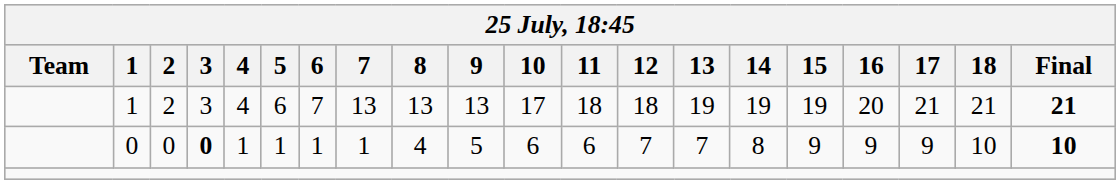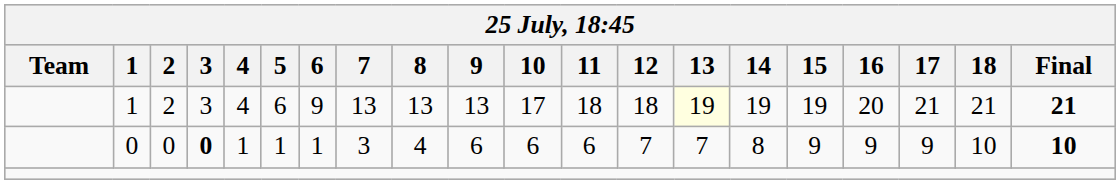 <table class=wikitable style="text-align:center; width: 55%">
 <tr>
 <th colspan=20><em>25 July, 18:45</em></th>
 </tr>
 <tr>
 <th>Team</th>
 <th>1</th>
 <th>2</th>
 <th>3</th>
 <th>4</th>
 <th>5</th>
 <th>6</th>
 <th>7</th>
 <th>8</th>
 <th>9</th>
 <th>10</th>
 <th>11</th>
 <th>12</th>
 <th>13</th>
 <th>14</th>
 <th>15</th>
 <th>16</th>
 <th>17</th>
 <th>18</th>
 <th>Final</th>
 </tr>
 <tr>
 <td align=left><strong></strong></td>
 <td>1</td>
 <td>2</td>
 <td>3</td>
 <td>4</td>
 <td>6</td>
-<td>7</td>
+<td>9</td>
 <td>13</td>
 <td>13</td>
 <td>13</td>
 <td>17</td>
 <td>18</td>
 <td>18</td>
-<td>19</td>
+<td style="background: lightyellow;">19</td>
 <td>19</td>
 <td>19</td>
 <td>20</td>
 <td>21</td>
 <td>21</td>
 <td><strong>21</strong></td>
 </tr>
 <tr>
 <td align=left></td>
 <td>0</td>
 <td>0</td>
 <td><strong>0</strong></td>
 <td>1</td>
 <td>1</td>
 <td>1</td>
-<td>1</td>
+<td>3</td>
 <td>4</td>
-<td>5</td>
+<td>6</td>
 <td>6</td>
 <td>6</td>
 <td>7</td>
 <td>7</td>
 <td>8</td>
 <td>9</td>
 <td>9</td>
 <td>9</td>
 <td>10</td>
 <td><strong>10</strong></td>
 </tr>
 <tr>
 <td colspan=20></td>
 </tr>
 </table>
